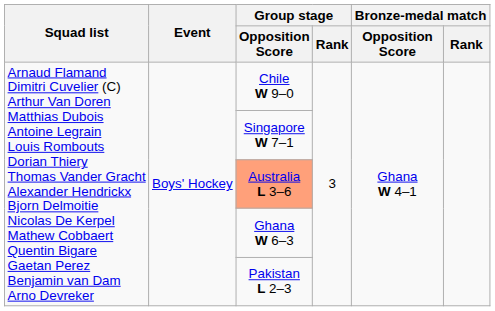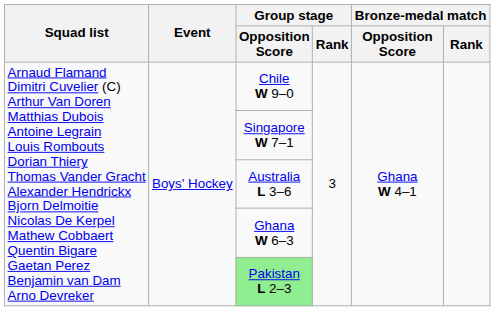 <table class=wikitable style="font-size:90%">
 <tr>
 <th rowspan=2>Squad list</th>
 <th rowspan=2>Event</th>
 <th colspan=2>Group stage</th>
 <th colspan=2>Bronze-medal match</th>
 </tr>
 <tr>
 <th>Opposition<br>Score</th>
 <th>Rank</th>
 <th>Opposition<br>Score</th>
 <th>Rank</th>
 </tr>
 <tr>
 <td rowspan=5><a href='#'>Arnaud Flamand</a><br><a href='#'>Dimitri Cuvelier</a> (C)<br><a href='#'>Arthur Van Doren</a><br><a href='#'>Matthias Dubois</a><br><a href='#'>Antoine Legrain</a><br><a href='#'>Louis Rombouts</a><br><a href='#'>Dorian Thiery</a><br><a href='#'>Thomas Vander Gracht</a><br><a href='#'>Alexander Hendrickx</a><br><a href='#'>Bjorn Delmoitie</a><br><a href='#'>Nicolas De Kerpel</a><br><a href='#'>Mathew Cobbaert</a><br><a href='#'>Quentin Bigare</a><br><a href='#'>Gaetan Perez</a><br><a href='#'>Benjamin van Dam</a><br><a href='#'>Arno Devreker</a></td>
 <td rowspan=5><a href='#'>Boys' Hockey</a></td>
 <td align=center> <a href='#'>Chile</a><br> <strong>W</strong> 9–0</td>
 <td rowspan=5 align=center>3</td>
 <td rowspan=5 align=center> <a href='#'>Ghana</a><br> <strong>W</strong> 4–1</td>
 <td rowspan=5 align=center></td>
 </tr>
 <tr>
 <td align=center> <a href='#'>Singapore</a><br> <strong>W</strong> 7–1</td>
 </tr>
 <tr>
-<td align=center style="background: lightsalmon;"> <a href='#'>Australia</a><br> <strong>L</strong> 3–6</td>
+<td align=center> <a href='#'>Australia</a><br> <strong>L</strong> 3–6</td>
 </tr>
 <tr>
 <td align=center> <a href='#'>Ghana</a><br> <strong>W</strong> 6–3</td>
 </tr>
 <tr>
-<td align=center> <a href='#'>Pakistan</a><br> <strong>L</strong> 2–3</td>
+<td align=center style="background: lightgreen;"> <a href='#'>Pakistan</a><br> <strong>L</strong> 2–3</td>
 </tr>
 </table>
